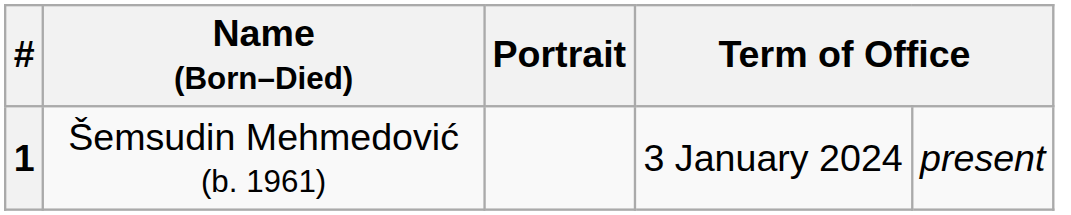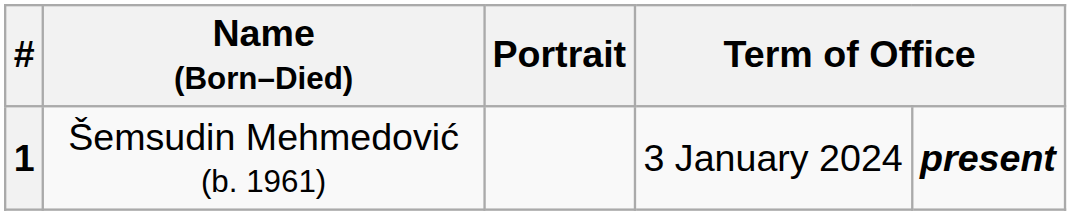 <table class="wikitable" style="text-align:center">
 <tr ->
 <th>#</th>
 <th width=180>Name<br><small>(Born–Died)</small></th>
 <th>Portrait</th>
 <th colspan=2>Term of Office</th>
 </tr>
 <tr ->
 <th align=center style="background: ">1</th>
 <td>Šemsudin Mehmedović<br><small>(b. 1961)</small></td>
 <td></td>
 <td>3 January 2024</td>
-<td><em>present</em></td>
+<td><strong><em>present</em></strong></td>
 </tr>
 </table>
